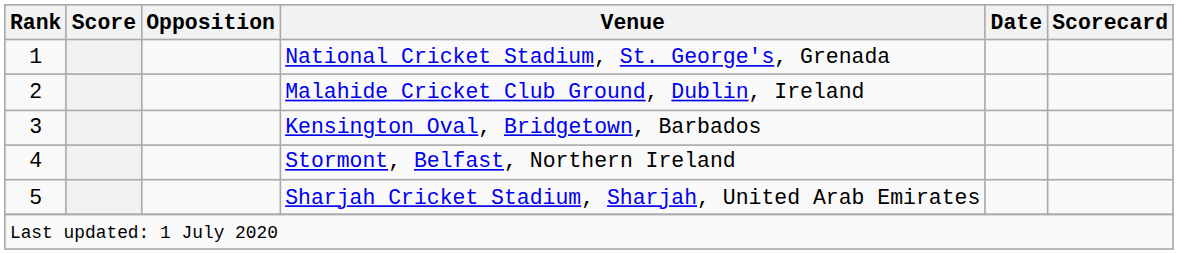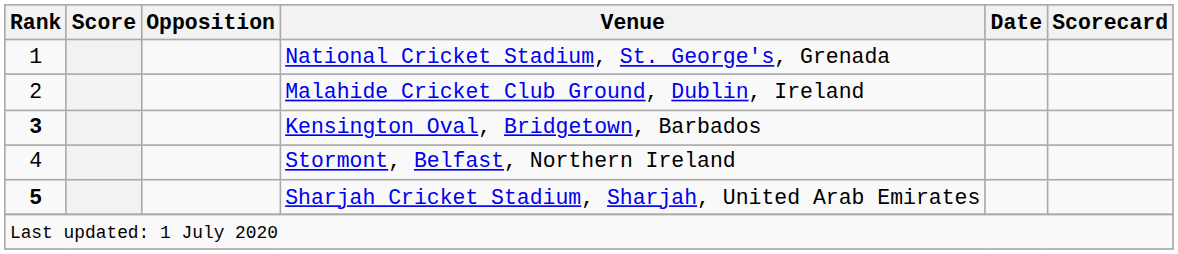 <table class="wikitable plainrowheaders sortable">
 <tr>
 <th scope=col>Rank</th>
 <th scope=col>Score</th>
 <th scope=col>Opposition</th>
 <th scope=col>Venue</th>
 <th scope=col>Date</th>
 <th scope=col>Scorecard</th>
 </tr>
 <tr>
 <td align=center>1</td>
 <th scope=row style=text-align:center;></th>
 <td></td>
 <td><a href='#'>National Cricket Stadium</a>, <a href='#'>St. George's</a>, Grenada</td>
 <td> </td>
 <td></td>
 </tr>
 <tr>
 <td align=center>2</td>
 <th scope=row style=text-align:center;></th>
 <td></td>
 <td><a href='#'>Malahide Cricket Club Ground</a>, <a href='#'>Dublin</a>, Ireland</td>
 <td></td>
 <td></td>
 </tr>
 <tr>
-<td align=center>3</td>
+<td align=center><strong>3</strong></td>
 <th scope=row style=text-align:center;></th>
 <td></td>
 <td><a href='#'>Kensington Oval</a>, <a href='#'>Bridgetown</a>, Barbados</td>
 <td> </td>
 <td></td>
 </tr>
 <tr>
 <td align=center>4</td>
 <th scope=row style=text-align:center;></th>
 <td></td>
 <td><a href='#'>Stormont</a>, <a href='#'>Belfast</a>, Northern Ireland</td>
 <td></td>
 <td></td>
 </tr>
 <tr>
-<td align=center>5</td>
+<td align=center><strong>5</strong></td>
 <th scope=row style=text-align:center;></th>
 <td></td>
 <td><a href='#'>Sharjah Cricket Stadium</a>, <a href='#'>Sharjah</a>, United Arab Emirates</td>
 <td></td>
 <td></td>
 </tr>
 <tr>
 </tr>
 <tr class=sortbottom>
 <td colspan=6><small>Last updated: 1 July 2020</small></td>
 </tr>
 </table>
